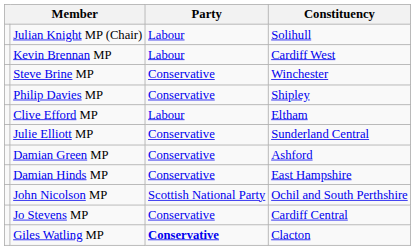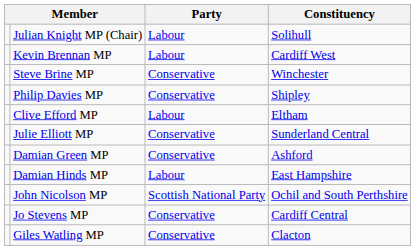 <table class="wikitable">
 <tr>
 <th colspan=2>Member</th>
 <th>Party</th>
 <th>Constituency</th>
 </tr>
 <tr>
 <td style="color:inherit;background:"></td>
 <td><a href='#'>Julian Knight</a> MP (Chair)</td>
 <td><a href='#'>Labour</a></td>
 <td><a href='#'>Solihull</a></td>
 </tr>
 <tr>
 <td style="color:inherit;background:"></td>
 <td><a href='#'>Kevin Brennan</a> MP</td>
 <td><a href='#'>Labour</a></td>
 <td><a href='#'>Cardiff West</a></td>
 </tr>
 <tr>
 <td style="color:inherit;background:"></td>
 <td><a href='#'>Steve Brine</a> MP</td>
 <td><a href='#'>Conservative</a></td>
 <td><a href='#'>Winchester</a></td>
 </tr>
 <tr>
 <td style="color:inherit;background:"></td>
 <td><a href='#'>Philip Davies</a> MP</td>
 <td><a href='#'>Conservative</a></td>
 <td><a href='#'>Shipley</a></td>
 </tr>
 <tr>
 <td style="color:inherit;background:"></td>
 <td><a href='#'>Clive Efford</a> MP</td>
 <td><a href='#'>Labour</a></td>
 <td><a href='#'>Eltham</a></td>
 </tr>
 <tr>
 <td style="color:inherit;background:"></td>
 <td><a href='#'>Julie Elliott</a> MP</td>
 <td><a href='#'>Conservative</a></td>
 <td><a href='#'>Sunderland Central</a></td>
 </tr>
 <tr>
 <td style="color:inherit;background:"></td>
 <td><a href='#'>Damian Green</a> MP</td>
 <td><a href='#'>Conservative</a></td>
 <td><a href='#'>Ashford</a></td>
 </tr>
 <tr>
 <td style="color:inherit;background:"></td>
 <td><a href='#'>Damian Hinds</a> MP</td>
-<td><a href='#'>Conservative</a></td>
+<td><a href='#'>Labour</a></td>
 <td><a href='#'>East Hampshire</a></td>
 </tr>
 <tr>
 <td style="color:inherit;background:"></td>
 <td><a href='#'>John Nicolson</a> MP</td>
 <td><a href='#'>Scottish National Party</a></td>
 <td><a href='#'>Ochil and South Perthshire</a></td>
 </tr>
 <tr>
 <td style="color:inherit;background:"></td>
 <td><a href='#'>Jo Stevens</a> MP</td>
 <td><a href='#'>Conservative</a></td>
 <td><a href='#'>Cardiff Central</a></td>
 </tr>
 <tr>
 <td style="color:inherit;background:"></td>
 <td><a href='#'>Giles Watling</a> MP</td>
-<td><strong><a href='#'>Conservative</a></strong></td>
+<td><a href='#'>Conservative</a></td>
 <td><a href='#'>Clacton</a></td>
 </tr>
 </table>
